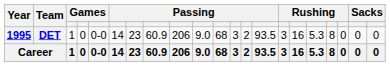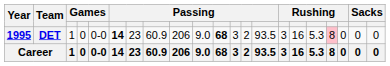 <table class="wikitable" style="text-align:center;">
 <tr>
 <th rowspan="2">Year</th>
 <th rowspan="2">Team</th>
 <th colspan="3">Games</th>
 <th colspan="9">Passing</th>
 <th colspan="5">Rushing</th>
 <th colspan="2">Sacks</th>
 </tr>
 <tr>
 <th></th>
 <th></th>
 <th></th>
 <th></th>
 <th></th>
 <th></th>
 <th></th>
 <th></th>
 <th></th>
 <th></th>
 <th></th>
 <th></th>
 <th></th>
 <th></th>
 <th></th>
 <th></th>
 <th></th>
 <th></th>
 <th></th>
 </tr>
 <tr>
 <th><a href='#'>1995</a></th>
 <th><a href='#'>DET</a></th>
 <td>1</td>
 <td>0</td>
 <td>0-0</td>
-<td>14</td>
+<td><strong>14</strong></td>
 <td>23</td>
 <td>60.9</td>
 <td>206</td>
 <td>9.0</td>
-<td>68</td>
+<td><strong>68</strong></td>
 <td>3</td>
 <td>2</td>
 <td>93.5</td>
 <td>3</td>
 <td>16</td>
 <td>5.3</td>
-<td>8</td>
+<td style="background: pink;">8</td>
 <td>0</td>
 <td>0</td>
 <td>0</td>
 </tr>
 <tr>
 <th colspan="2">Career</th>
 <th>1</th>
 <th>0</th>
 <th>0-0</th>
 <th>14</th>
 <th>23</th>
 <th>60.9</th>
 <th>206</th>
 <th>9.0</th>
 <th>68</th>
 <th>3</th>
 <th>2</th>
 <th>93.5</th>
 <th>3</th>
 <th>16</th>
 <th>5.3</th>
 <th>8</th>
 <th>0</th>
 <th>0</th>
 <th>0</th>
 </tr>
 </table>
